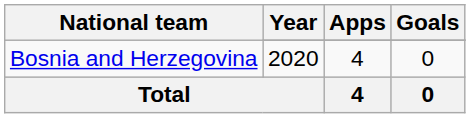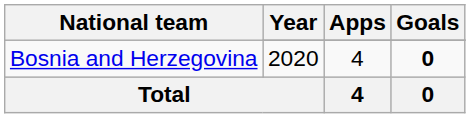 <table class="wikitable" style="text-align: center;">
 <tr>
 <th>National team</th>
 <th>Year</th>
 <th>Apps</th>
 <th>Goals</th>
 </tr>
 <tr>
 <td rowspan="2"><a href='#'>Bosnia and Herzegovina</a></td>
 </tr>
 <tr>
 <td>2020</td>
 <td>4</td>
-<td>0</td>
+<td><strong>0</strong></td>
 </tr>
 <tr>
 <th colspan="2">Total</th>
 <th>4</th>
 <th>0</th>
 </tr>
 </table>
